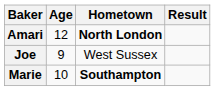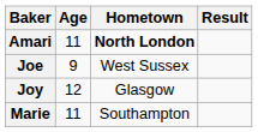 <table class="wikitable sortable" style="display:inline-table; text-align:center">
 <tr>
 <th scope="col">Baker</th>
 <th scope="col">Age</th>
 <th scope="col">Hometown</th>
 <th scope="col">Result</th>
 </tr>
 <tr>
 <th scope="row">Amari</th>
-<td>12</td>
+<td>11</td>
 <td><strong>North London</strong></td>
 <td></td>
 </tr>
 <tr>
 <th scope="row">Joe</th>
 <td>9</td>
 <td>West Sussex</td>
 <td></td>
 </tr>
 <tr>
+<th scope="row">Joy</th>
+<td>12</td>
+<td>Glasgow</td>
+<td></td>
+</tr>
+<tr>
 <th scope="row">Marie</th>
-<td>10</td>
-<td><strong>Southampton</strong></td>
+<td>11</td>
+<td>Southampton</td>
 <td></td>
 </tr>
 </table>
